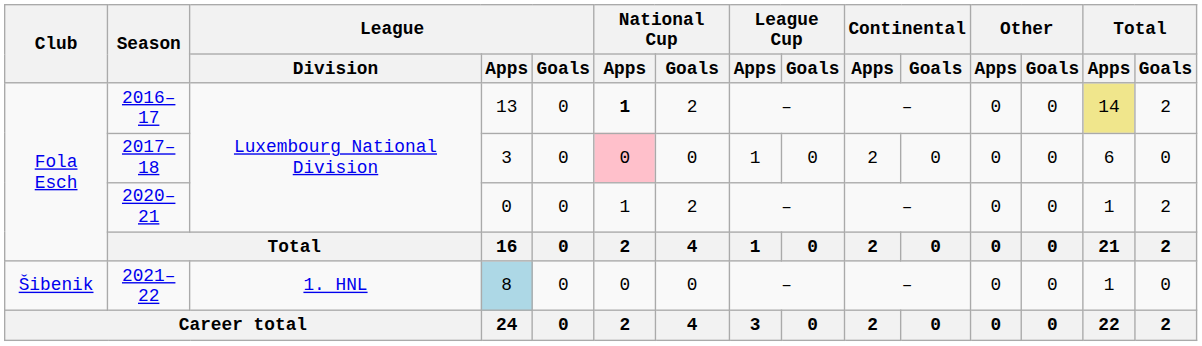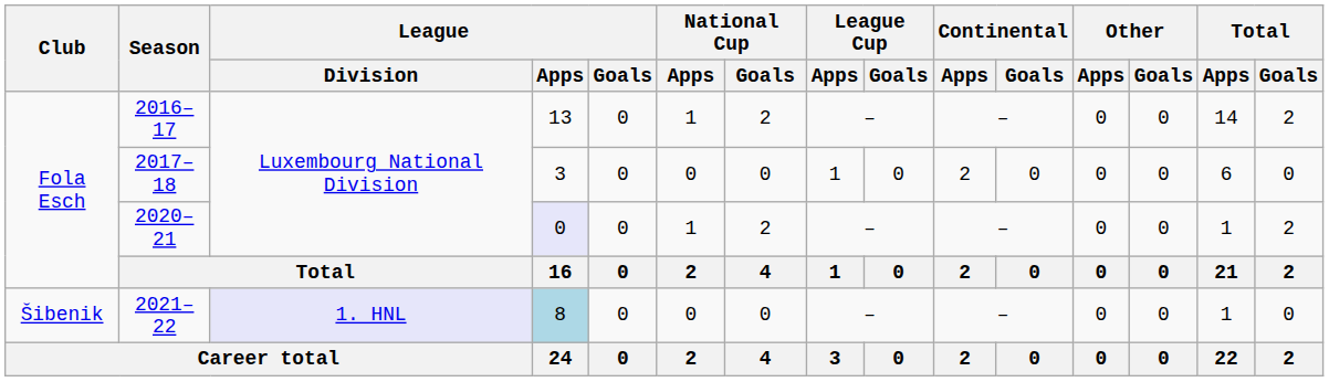 <table class="wikitable" style="text-align: center">
 <tr>
 <th rowspan="2">Club</th>
 <th rowspan="2">Season</th>
 <th colspan="3">League</th>
 <th colspan="2">National Cup</th>
 <th colspan="2">League Cup</th>
 <th colspan="2">Continental</th>
 <th colspan="2">Other</th>
 <th colspan="2">Total</th>
 </tr>
 <tr>
 <th>Division</th>
 <th>Apps</th>
 <th>Goals</th>
 <th>Apps</th>
 <th>Goals</th>
 <th>Apps</th>
 <th>Goals</th>
 <th>Apps</th>
 <th>Goals</th>
 <th>Apps</th>
 <th>Goals</th>
 <th>Apps</th>
 <th>Goals</th>
 </tr>
 <tr>
 <td rowspan="4"><a href='#'>Fola Esch</a></td>
 <td><a href='#'>2016–17</a></td>
 <td rowspan="3"><a href='#'>Luxembourg National Division</a></td>
 <td>13</td>
 <td>0</td>
-<td><strong>1</strong></td>
+<td>1</td>
 <td>2</td>
 <td colspan="2">–</td>
 <td colspan="2">–</td>
 <td>0</td>
 <td>0</td>
-<td style="background: khaki;">14</td>
+<td>14</td>
 <td>2</td>
 </tr>
 <tr>
 <td><a href='#'>2017–18</a></td>
 <td>3</td>
 <td>0</td>
-<td style="background: pink;">0</td>
+<td>0</td>
 <td>0</td>
 <td>1</td>
 <td>0</td>
 <td>2</td>
 <td>0</td>
 <td>0</td>
 <td>0</td>
 <td>6</td>
 <td>0</td>
 </tr>
 <tr>
 <td><a href='#'>2020–21</a></td>
-<td>0</td>
+<td style="background: lavender;">0</td>
 <td>0</td>
 <td>1</td>
 <td>2</td>
 <td colspan="2">–</td>
 <td colspan="2">–</td>
 <td>0</td>
 <td>0</td>
 <td>1</td>
 <td>2</td>
 </tr>
 <tr>
 <th colspan=2>Total</th>
 <th>16</th>
 <th>0</th>
 <th>2</th>
 <th>4</th>
 <th>1</th>
 <th>0</th>
 <th>2</th>
 <th>0</th>
 <th>0</th>
 <th>0</th>
 <th>21</th>
 <th>2</th>
 </tr>
 <tr>
 <td><a href='#'>Šibenik</a></td>
 <td><a href='#'>2021–22</a></td>
-<td><a href='#'>1. HNL</a></td>
+<td style="background: lavender;"><a href='#'>1. HNL</a></td>
 <td style="background: lightblue;">8</td>
 <td>0</td>
 <td>0</td>
 <td>0</td>
 <td colspan="2">–</td>
 <td colspan="2">–</td>
 <td>0</td>
 <td>0</td>
 <td>1</td>
 <td>0</td>
 </tr>
 <tr>
 <th colspan=3>Career total</th>
 <th>24</th>
 <th>0</th>
 <th>2</th>
 <th>4</th>
 <th>3</th>
 <th>0</th>
 <th>2</th>
 <th>0</th>
 <th>0</th>
 <th>0</th>
 <th>22</th>
 <th>2</th>
 </tr>
 </table>
